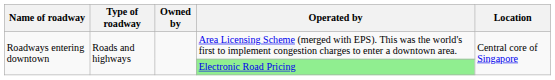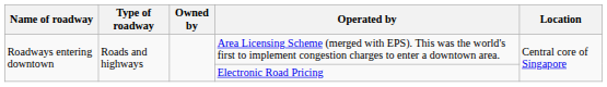 <table class="wikitable">
 <tr>
 <th>Name of roadway</th>
 <th>Type of roadway</th>
 <th>Owned by</th>
 <th>Operated by</th>
 <th>Location</th>
 </tr>
 <tr>
 <td rowspan="2">Roadways entering downtown</td>
 <td rowspan="2">Roads and highways</td>
 <td rowspan="2"></td>
 <td><a href='#'>Area Licensing Scheme</a> (merged with EPS). This was the world's first to implement congestion charges to enter a downtown area.</td>
 <td rowspan="2">Central core of <a href='#'>Singapore</a></td>
 </tr>
 <tr>
-<td style="background: lightgreen;"><a href='#'>Electronic Road Pricing</a></td>
+<td><a href='#'>Electronic Road Pricing</a></td>
 </tr>
 </table>
